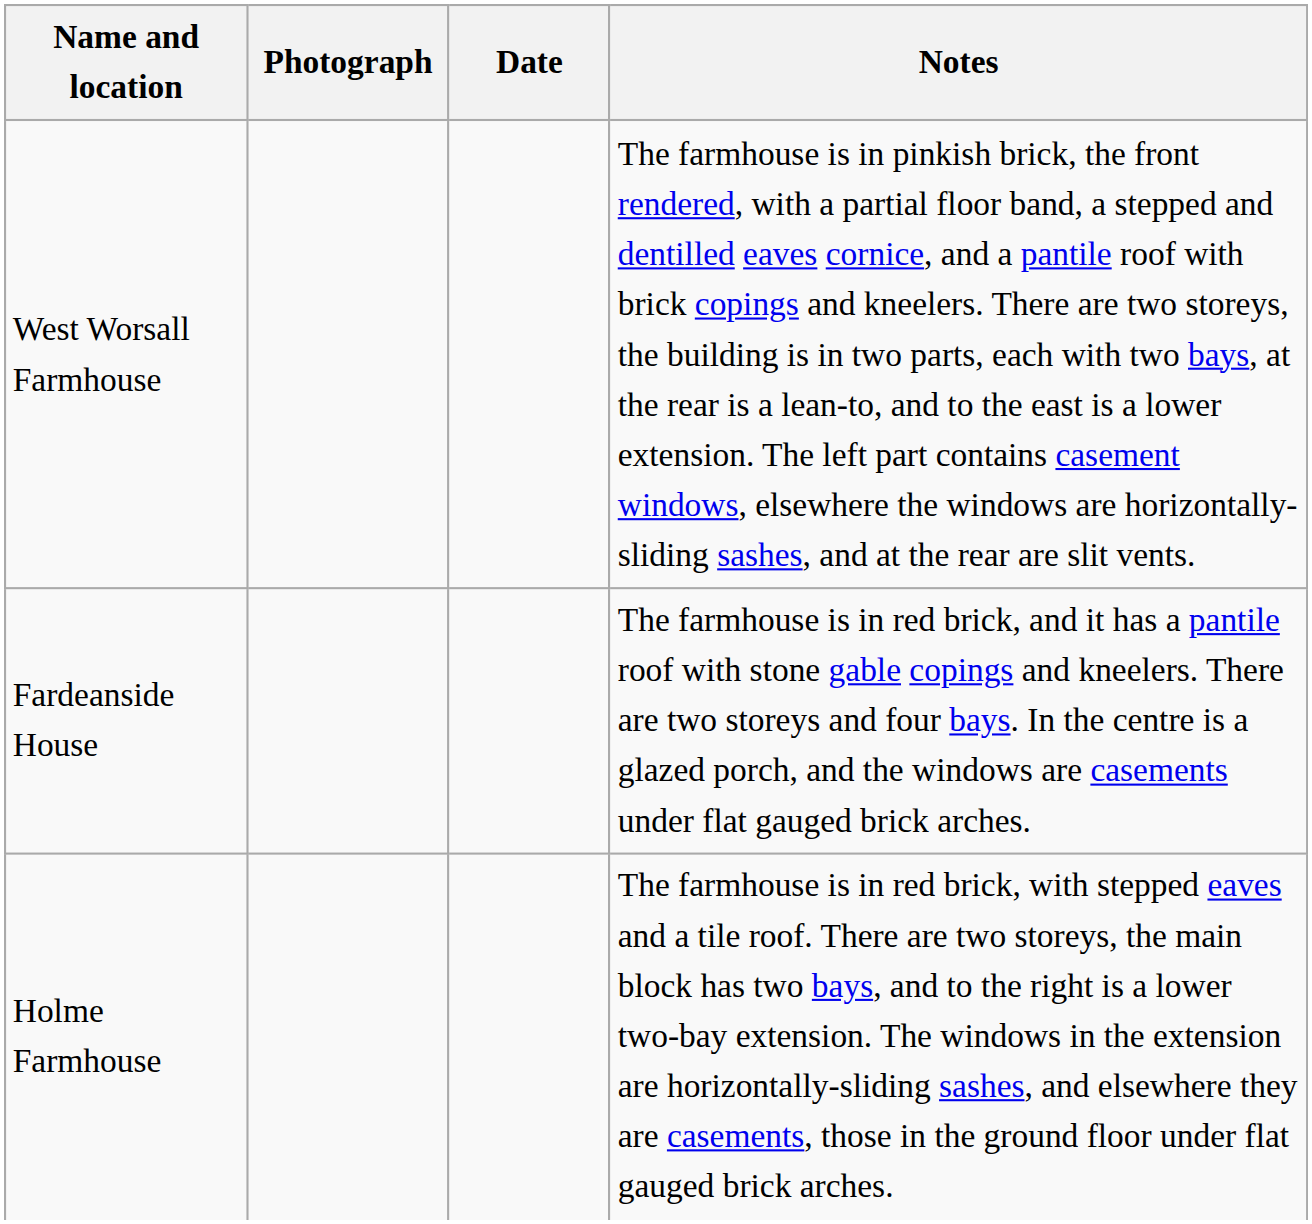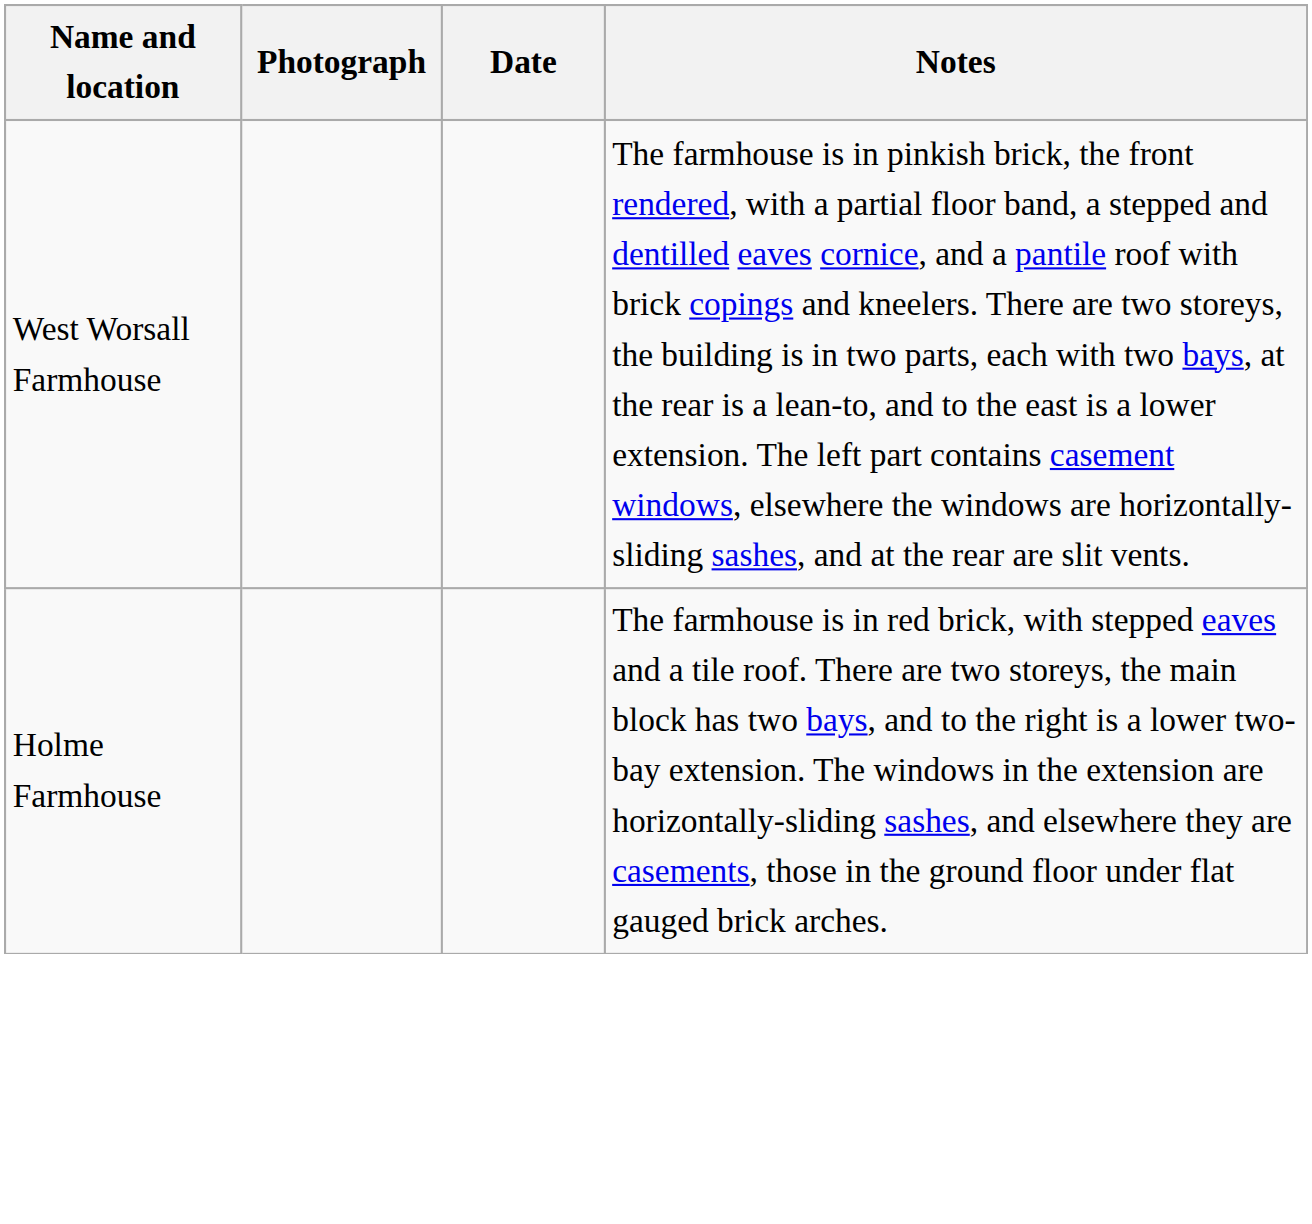 <table class="wikitable sortable plainrowheaders" style="width:100%;border:0px;text-align:left;line-height:150%;">
 <tr>
 <th scope="col"  style="width:150px">Name and location</th>
 <th scope="col"  style="width:100px" class="unsortable">Photograph</th>
 <th scope="col"  style="width:120px">Date</th>
 <th scope="col"  style="width:650px" class="unsortable">Notes</th>
 </tr>
 <tr>
 <td>West Worsall Farmhouse<br><small></small></td>
 <td></td>
 <td align="center"></td>
 <td>The farmhouse is in pinkish brick, the front <a href='#'>rendered</a>, with a partial floor band, a stepped and <a href='#'>dentilled</a> <a href='#'>eaves</a> <a href='#'>cornice</a>, and a <a href='#'>pantile</a> roof with brick <a href='#'>copings</a> and kneelers. There are two storeys, the building is in two parts, each with two <a href='#'>bays</a>, at the rear is a lean-to, and to the east is a lower extension.  The left part contains <a href='#'>casement windows</a>, elsewhere the windows are horizontally-sliding <a href='#'>sashes</a>, and at the rear are slit vents.</td>
 </tr>
 <tr>
-<td>Fardeanside House<br><small></small></td>
-<td></td>
-<td align="center"></td>
-<td>The farmhouse is in red brick, and it has a <a href='#'>pantile</a> roof with stone <a href='#'>gable</a> <a href='#'>copings</a> and kneelers. There are two storeys and four <a href='#'>bays</a>.  In the centre is a glazed porch, and the windows are <a href='#'>casements</a> under flat gauged brick arches.</td>
-</tr>
-<tr>
 <td>Holme Farmhouse<br><small></small></td>
 <td></td>
 <td align="center"></td>
 <td>The farmhouse is in red brick, with stepped <a href='#'>eaves</a> and a tile roof. There are two storeys, the main block has two <a href='#'>bays</a>, and to the right is a lower two-bay extension. The windows in the extension are horizontally-sliding <a href='#'>sashes</a>, and elsewhere they are <a href='#'>casements</a>, those in the ground floor under flat gauged brick arches.</td>
 </tr>
 <tr>
 </tr>
 </table>
